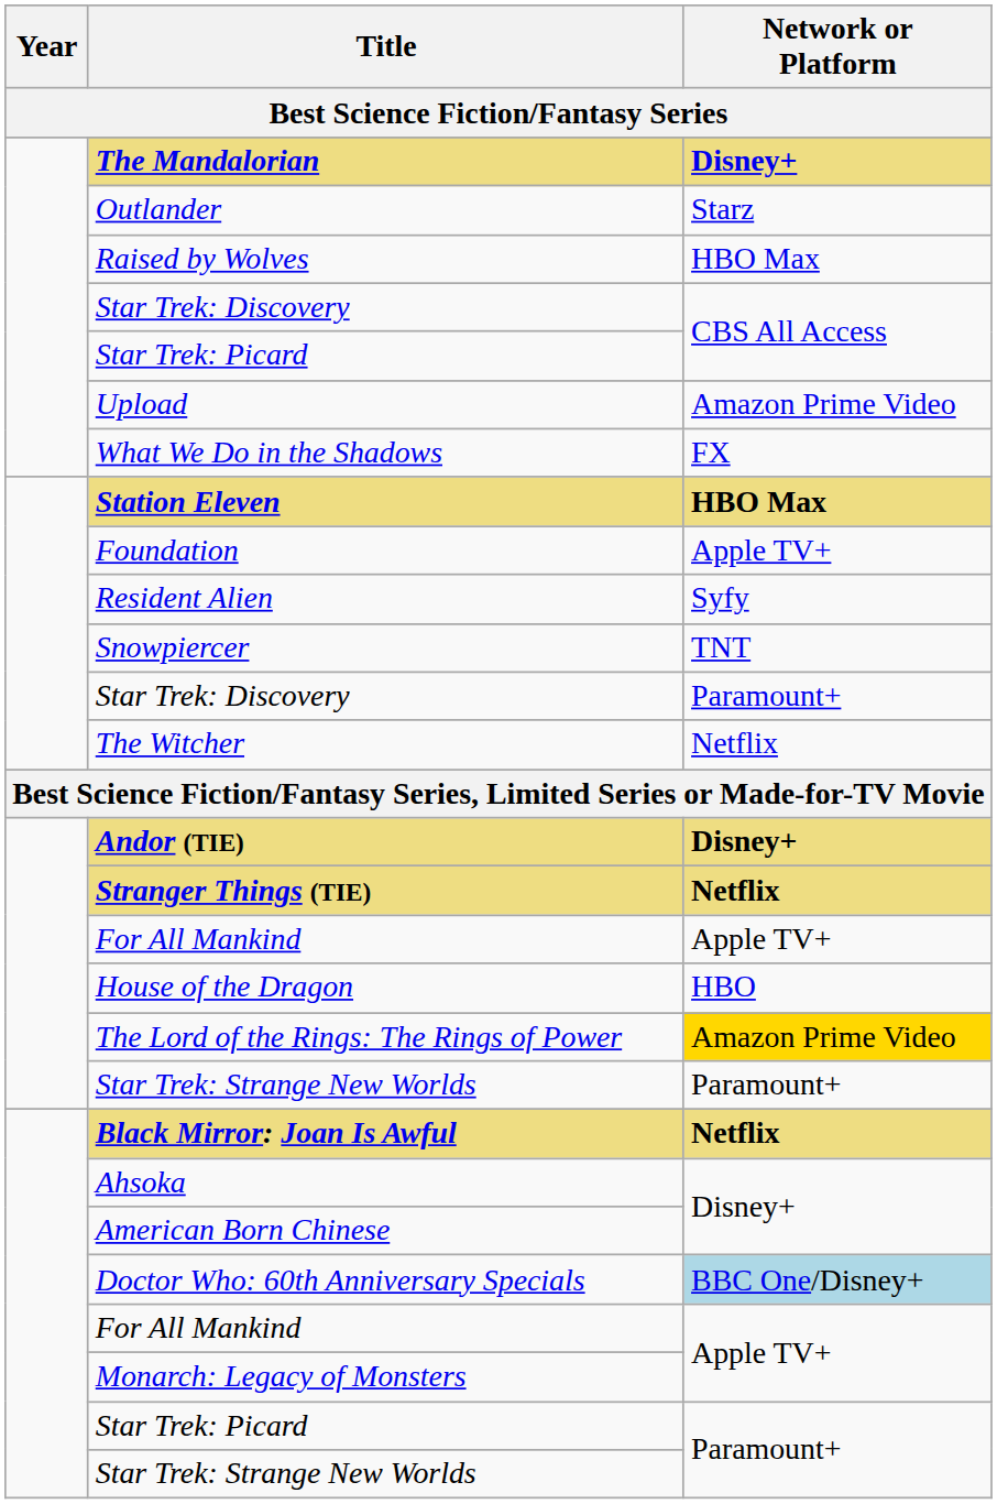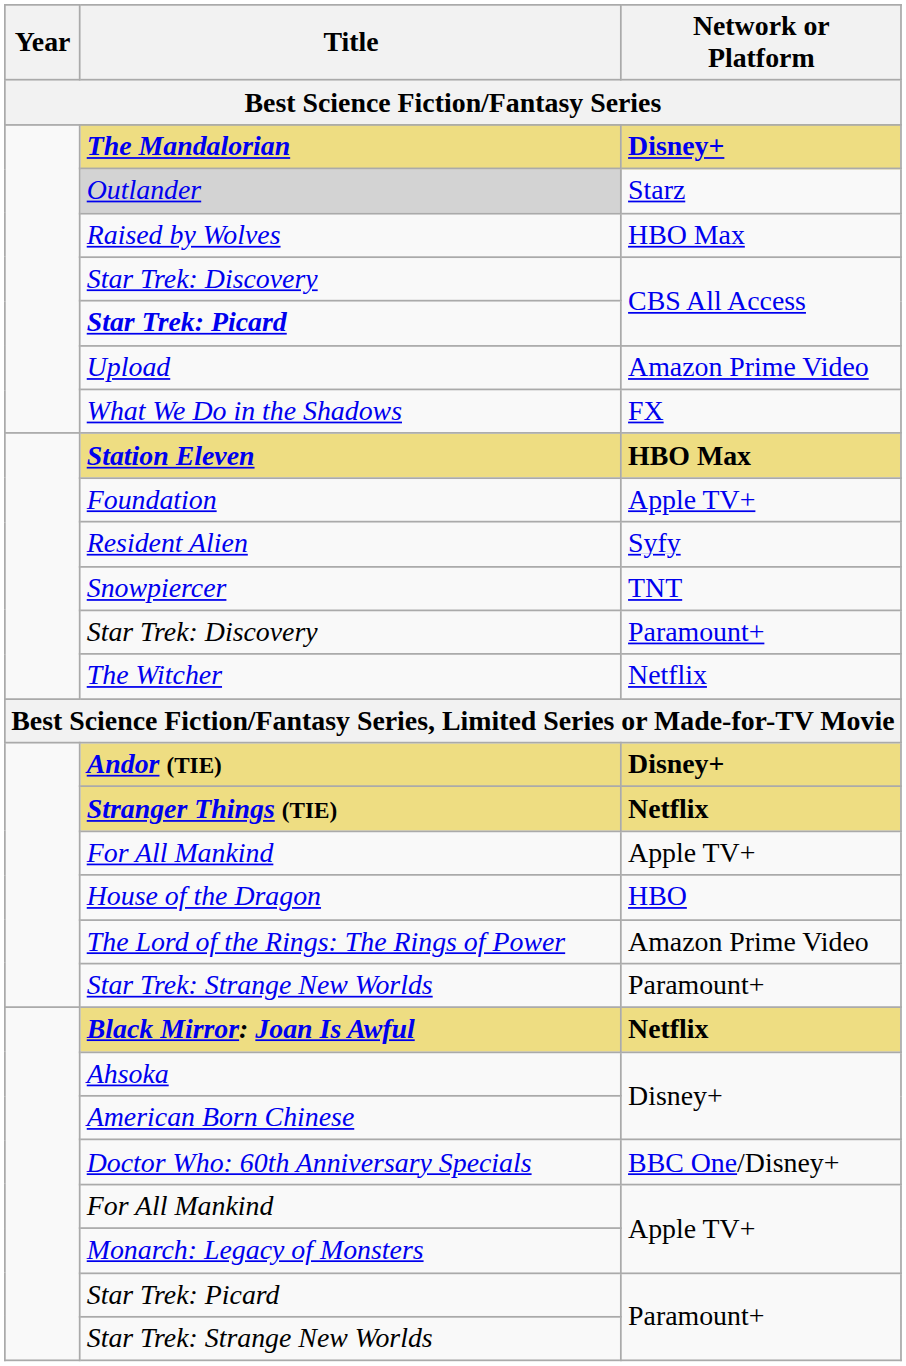 <table class="wikitable">
 <tr>
 <th>Year</th>
 <th>Title</th>
 <th>Network or<br>Platform</th>
 </tr>
 <tr>
 <th colspan="3">Best Science Fiction/Fantasy Series</th>
 </tr>
 <tr>
 <td rowspan="7"></td>
 <td style="background:#EEDD82"><strong><em><a href='#'>The Mandalorian</a></em></strong></td>
 <td style="background:#EEDD82"><strong><a href='#'>Disney+</a></strong></td>
 </tr>
 <tr>
-<td><em><a href='#'>Outlander</a></em></td>
+<td style="background: lightgrey;"><em><a href='#'>Outlander</a></em></td>
 <td><a href='#'>Starz</a></td>
 </tr>
 <tr>
 <td><em><a href='#'>Raised by Wolves</a></em></td>
 <td><a href='#'>HBO Max</a></td>
 </tr>
 <tr>
 <td><em><a href='#'>Star Trek: Discovery</a></em></td>
 <td rowspan="2"><a href='#'>CBS All Access</a></td>
 </tr>
 <tr>
-<td><em><a href='#'>Star Trek: Picard</a></em></td>
+<td><strong><em><a href='#'>Star Trek: Picard</a></em></strong></td>
 </tr>
 <tr>
 <td><em><a href='#'>Upload</a></em></td>
 <td><a href='#'>Amazon Prime Video</a></td>
 </tr>
 <tr>
 <td><em><a href='#'>What We Do in the Shadows</a></em></td>
 <td><a href='#'>FX</a></td>
 </tr>
 <tr>
 <td rowspan="6"></td>
 <td style="background:#EEDD82"><strong><em><a href='#'>Station Eleven</a></em></strong></td>
 <td style="background:#EEDD82"><strong>HBO Max</strong></td>
 </tr>
 <tr>
 <td><em><a href='#'>Foundation</a></em></td>
 <td><a href='#'>Apple TV+</a></td>
 </tr>
 <tr>
 <td><em><a href='#'>Resident Alien</a></em></td>
 <td><a href='#'>Syfy</a></td>
 </tr>
 <tr>
 <td><em><a href='#'>Snowpiercer</a></em></td>
 <td><a href='#'>TNT</a></td>
 </tr>
 <tr>
 <td><em>Star Trek: Discovery</em></td>
 <td><a href='#'>Paramount+</a></td>
 </tr>
 <tr>
 <td><em><a href='#'>The Witcher</a></em></td>
 <td><a href='#'>Netflix</a></td>
 </tr>
 <tr>
 <th colspan="3">Best Science Fiction/Fantasy Series, Limited Series or Made-for-TV Movie</th>
 </tr>
 <tr>
 <td rowspan="6"></td>
 <td style="background:#EEDD82"><strong><em><a href='#'>Andor</a></em></strong> <small><strong>(TIE)</strong></small></td>
 <td style="background:#EEDD82"><strong>Disney+</strong></td>
 </tr>
 <tr>
 <td style="background:#EEDD82"><strong><em><a href='#'>Stranger Things</a></em></strong> <small><strong>(TIE)</strong></small></td>
 <td style="background:#EEDD82"><strong>Netflix</strong></td>
 </tr>
 <tr>
 <td><em><a href='#'>For All Mankind</a></em></td>
 <td>Apple TV+</td>
 </tr>
 <tr>
 <td><em><a href='#'>House of the Dragon</a></em></td>
 <td><a href='#'>HBO</a></td>
 </tr>
 <tr>
 <td><em><a href='#'>The Lord of the Rings: The Rings of Power</a></em></td>
-<td style="background: gold;">Amazon Prime Video</td>
+<td>Amazon Prime Video</td>
 </tr>
 <tr>
 <td><em><a href='#'>Star Trek: Strange New Worlds</a></em></td>
 <td>Paramount+</td>
 </tr>
 <tr>
 <td rowspan="8"></td>
 <td style="background:#EEDD82"><strong><em><a href='#'>Black Mirror</a>: <a href='#'>Joan Is Awful</a></em></strong></td>
 <td style="background:#EEDD82"><strong>Netflix</strong></td>
 </tr>
 <tr>
 <td><em><a href='#'>Ahsoka</a></em></td>
 <td rowspan="2">Disney+</td>
 </tr>
 <tr>
 <td><em><a href='#'>American Born Chinese</a></em></td>
 </tr>
 <tr>
 <td><em><a href='#'>Doctor Who: 60th Anniversary Specials</a></em></td>
-<td style="background: lightblue;"><a href='#'>BBC One</a>/Disney+</td>
+<td><a href='#'>BBC One</a>/Disney+</td>
 </tr>
 <tr>
 <td><em>For All Mankind</em></td>
 <td rowspan="2">Apple TV+</td>
 </tr>
 <tr>
 <td><em><a href='#'>Monarch: Legacy of Monsters</a></em></td>
 </tr>
 <tr>
 <td><em>Star Trek: Picard</em></td>
 <td rowspan="2">Paramount+</td>
 </tr>
 <tr>
 <td><em>Star Trek: Strange New Worlds</em></td>
 </tr>
 </table>
